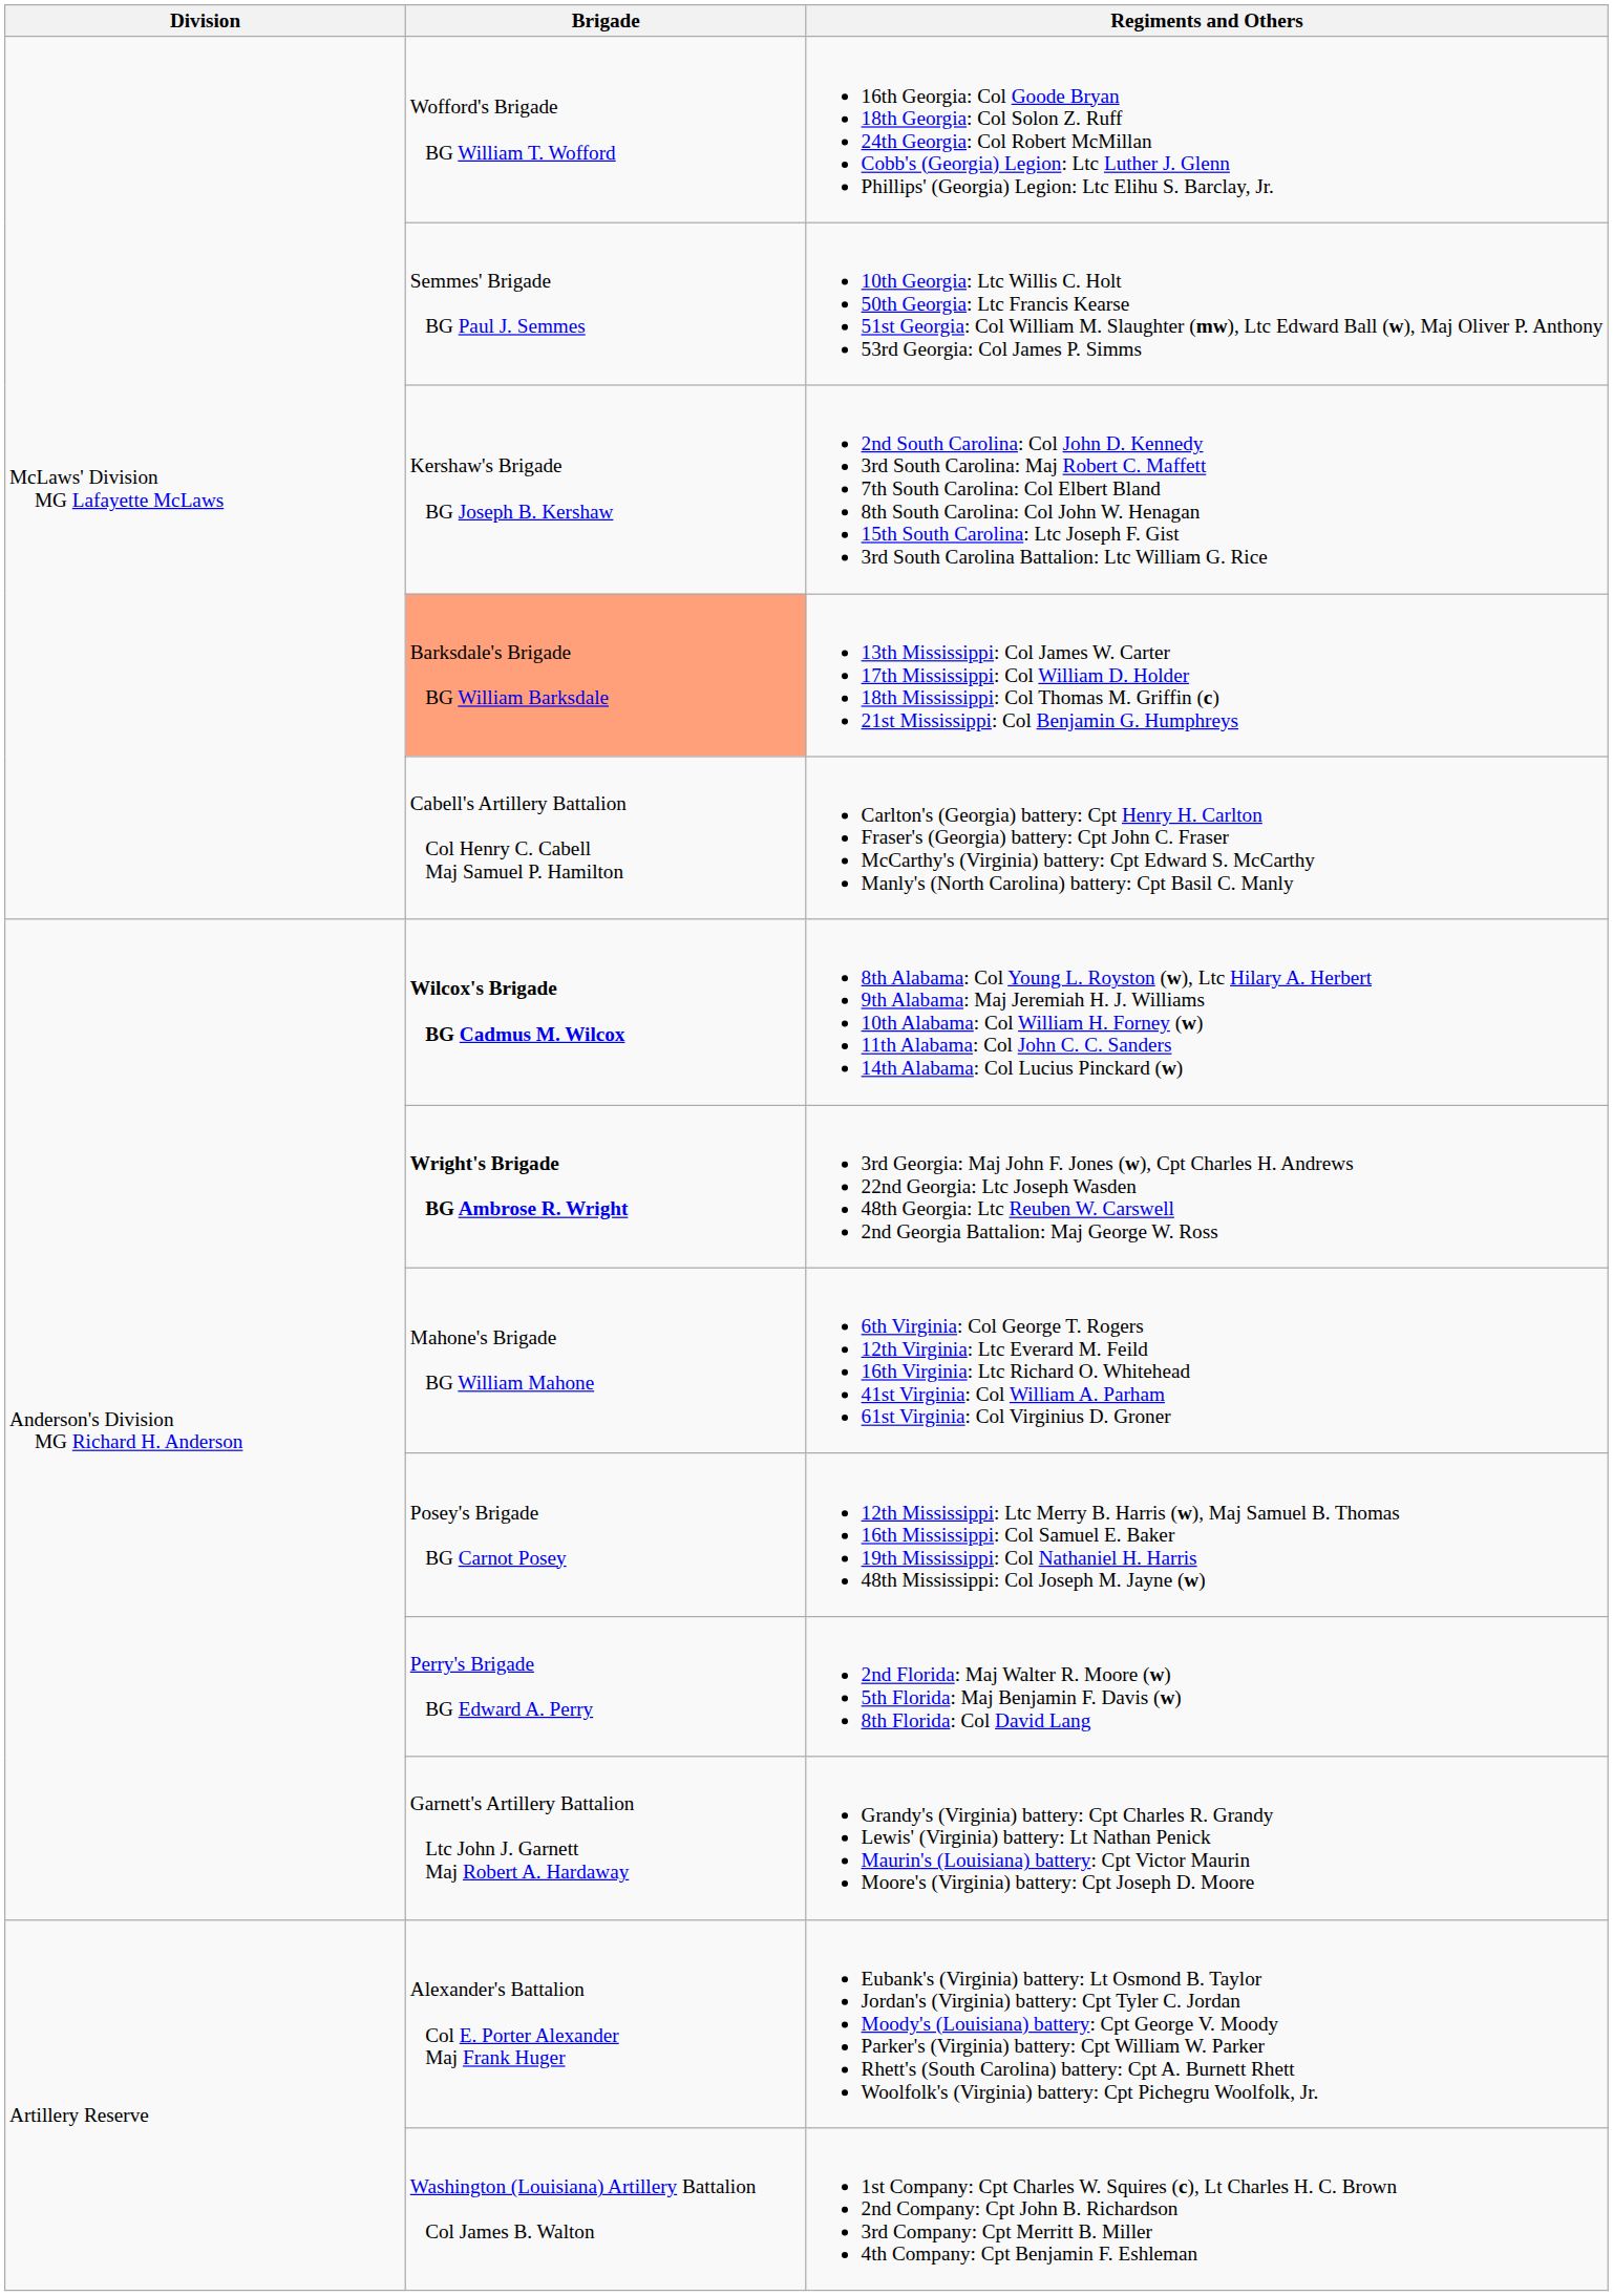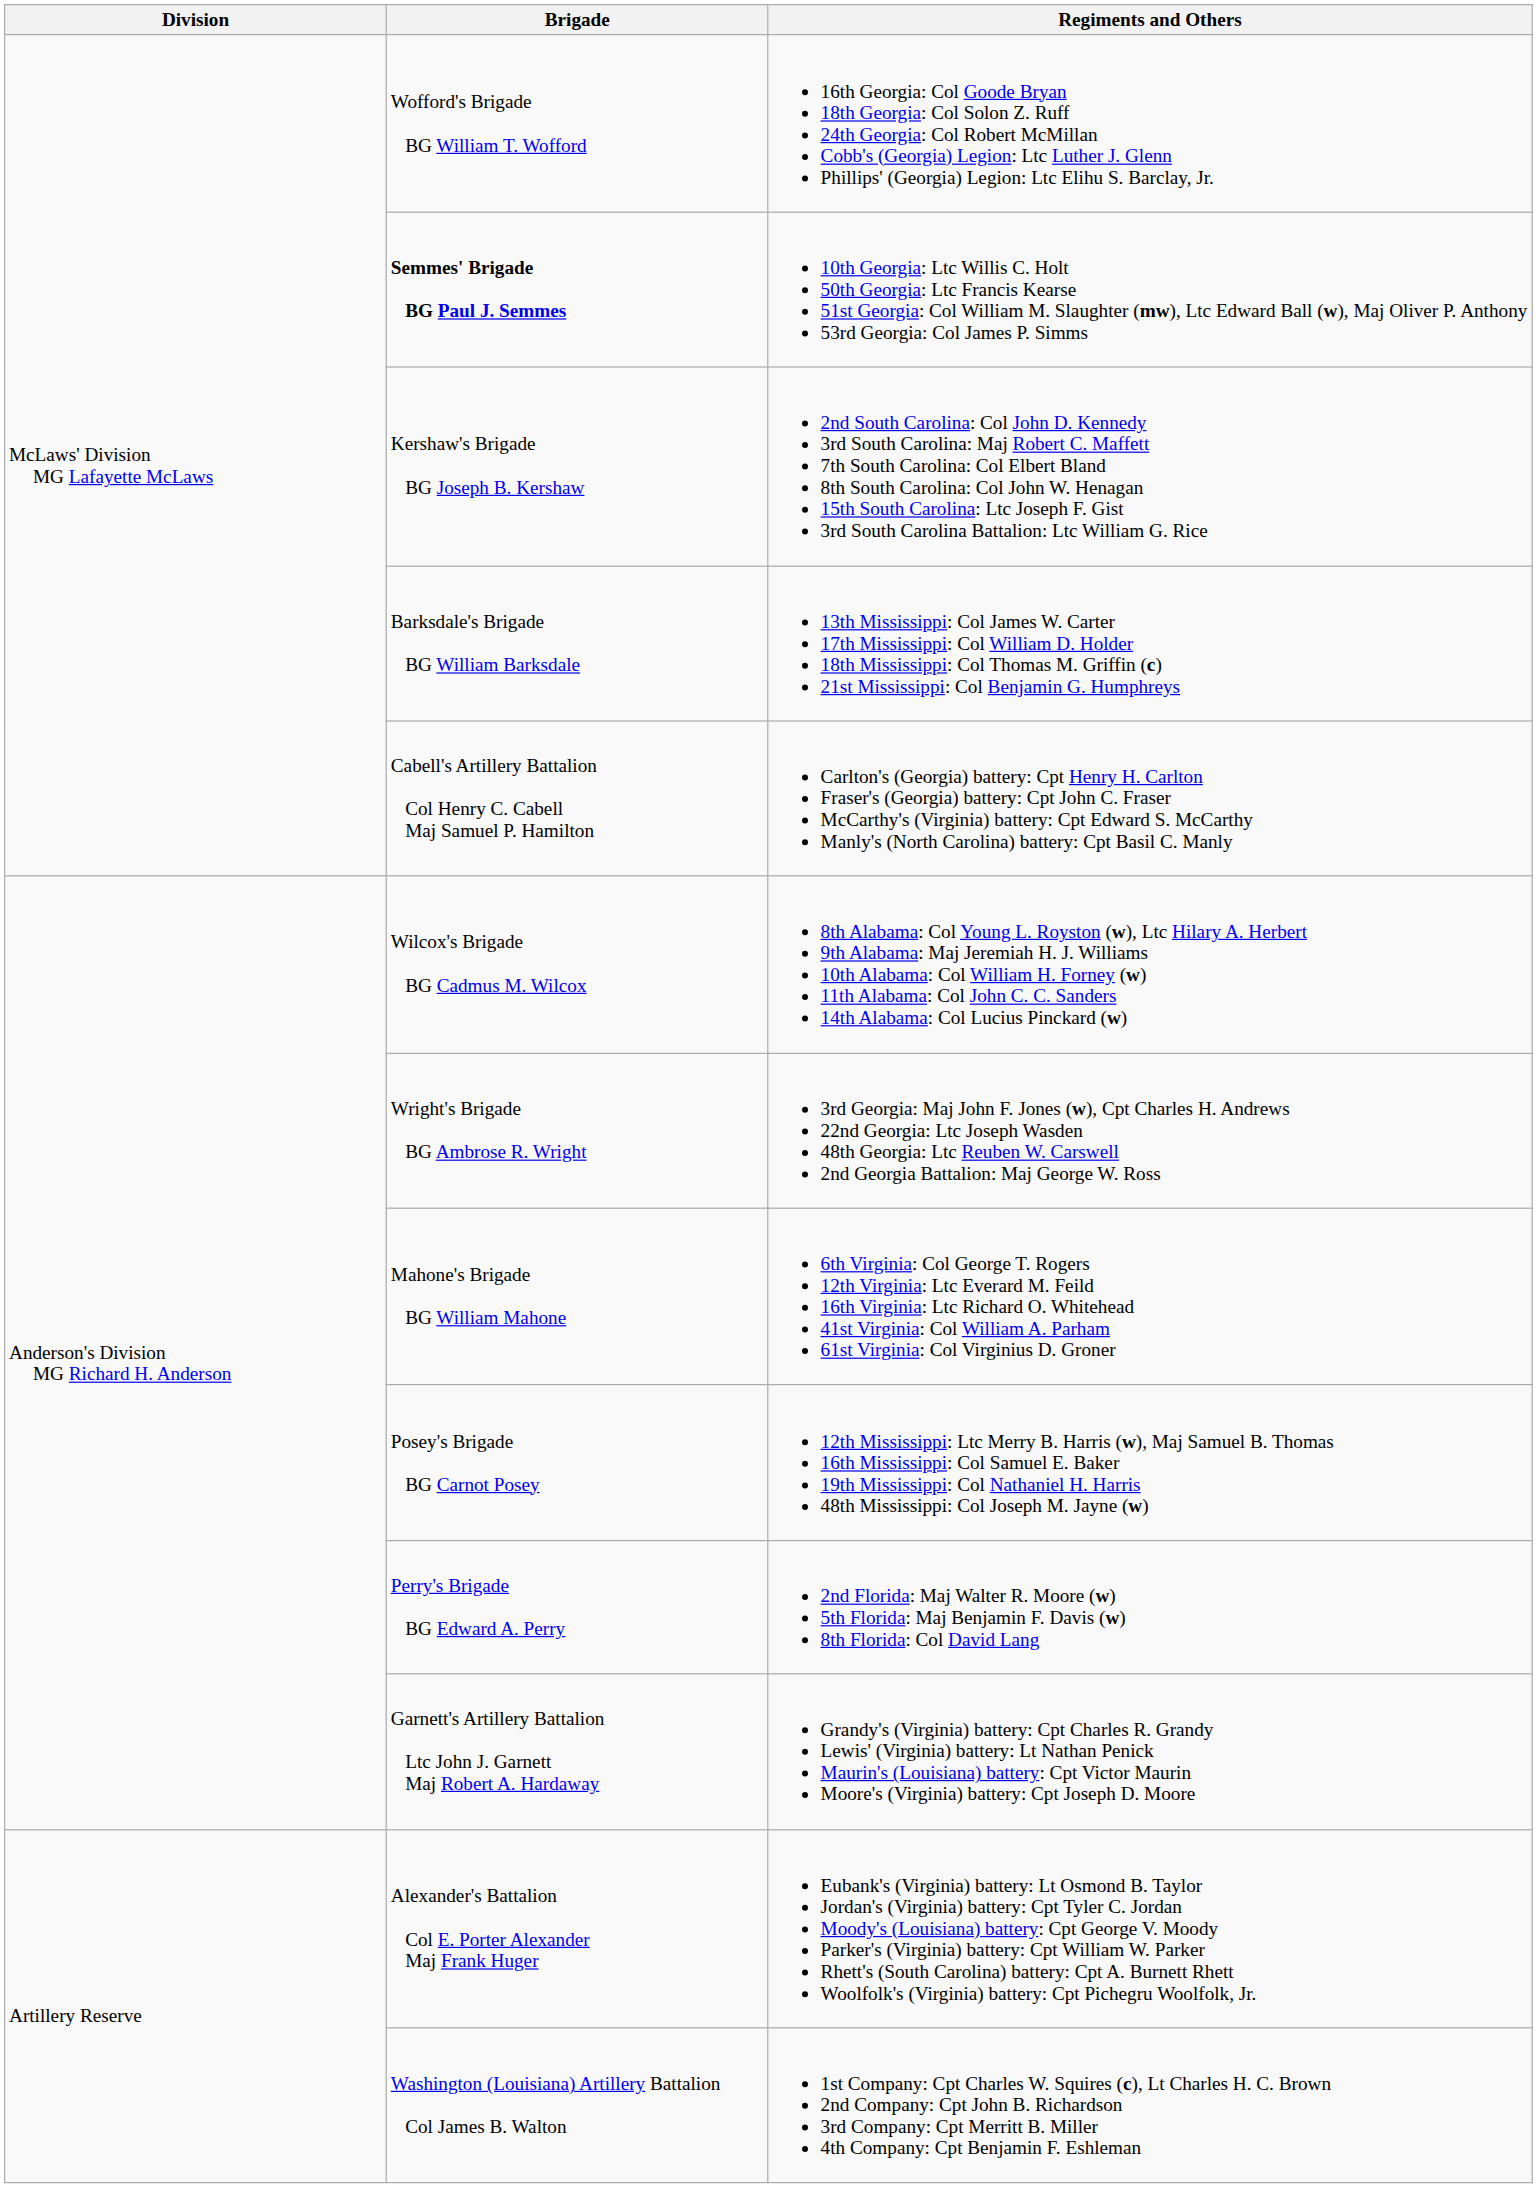 <table class="wikitable">
 <tr>
 <th width=25%>Division</th>
 <th width=25%>Brigade</th>
 <th>Regiments and Others</th>
 </tr>
 <tr>
 <td rowspan=5><br>McLaws' Division <br>     MG <a href='#'>Lafayette McLaws</a></td>
 <td>Wofford's Brigade<br><br>   BG <a href='#'>William T. Wofford</a></td>
 <td><br><ul><li>16th Georgia: Col <a href='#'>Goode Bryan</a></li><li><a href='#'>18th Georgia</a>: Col Solon Z. Ruff</li><li><a href='#'>24th Georgia</a>: Col Robert McMillan</li><li><a href='#'>Cobb's (Georgia) Legion</a>: Ltc <a href='#'>Luther J. Glenn</a></li><li>Phillips' (Georgia) Legion: Ltc Elihu S. Barclay, Jr.</li></ul></td>
 </tr>
 <tr>
-<td>Semmes' Brigade<br><br>   BG <a href='#'>Paul J. Semmes</a></td>
+<td><strong>Semmes' Brigade<br><br>   BG <a href='#'>Paul J. Semmes</a></strong></td>
 <td><br><ul><li><a href='#'>10th Georgia</a>: Ltc Willis C. Holt</li><li><a href='#'>50th Georgia</a>: Ltc Francis Kearse</li><li><a href='#'>51st Georgia</a>: Col William M. Slaughter (<strong>mw</strong>), Ltc Edward Ball (<strong>w</strong>), Maj Oliver P. Anthony</li><li>53rd Georgia: Col James P. Simms</li></ul></td>
 </tr>
 <tr>
 <td>Kershaw's Brigade<br><br>   BG <a href='#'>Joseph B. Kershaw</a></td>
 <td><br><ul><li><a href='#'>2nd South Carolina</a>: Col <a href='#'>John D. Kennedy</a></li><li>3rd South Carolina: Maj <a href='#'>Robert C. Maffett</a></li><li>7th South Carolina: Col Elbert Bland</li><li>8th South Carolina: Col John W. Henagan</li><li><a href='#'>15th South Carolina</a>: Ltc Joseph F. Gist</li><li>3rd South Carolina Battalion: Ltc William G. Rice</li></ul></td>
 </tr>
 <tr>
-<td style="background: lightsalmon;">Barksdale's Brigade<br><br>   BG <a href='#'>William Barksdale</a></td>
+<td>Barksdale's Brigade<br><br>   BG <a href='#'>William Barksdale</a></td>
 <td><br><ul><li><a href='#'>13th Mississippi</a>: Col James W. Carter</li><li><a href='#'>17th Mississippi</a>: Col <a href='#'>William D. Holder</a></li><li><a href='#'>18th Mississippi</a>: Col Thomas M. Griffin (<strong>c</strong>)</li><li><a href='#'>21st Mississippi</a>: Col <a href='#'>Benjamin G. Humphreys</a></li></ul></td>
 </tr>
 <tr>
 <td>Cabell's Artillery Battalion<br><br>   Col Henry C. Cabell <br>   Maj Samuel P. Hamilton</td>
 <td><br><ul><li>Carlton's (Georgia) battery: Cpt <a href='#'>Henry H. Carlton</a></li><li>Fraser's (Georgia) battery: Cpt John C. Fraser</li><li>McCarthy's (Virginia) battery: Cpt Edward S. McCarthy</li><li>Manly's (North Carolina) battery: Cpt Basil C. Manly</li></ul></td>
 </tr>
 <tr>
 <td rowspan=6><br>Anderson's Division <br>     MG <a href='#'>Richard H. Anderson</a></td>
-<td><strong>Wilcox's Brigade<br><br>   BG <a href='#'>Cadmus M. Wilcox</a></strong></td>
+<td>Wilcox's Brigade<br><br>   BG <a href='#'>Cadmus M. Wilcox</a></td>
 <td><br><ul><li><a href='#'>8th Alabama</a>: Col <a href='#'>Young L. Royston</a> (<strong>w</strong>), Ltc <a href='#'>Hilary A. Herbert</a></li><li><a href='#'>9th Alabama</a>: Maj Jeremiah H. J. Williams</li><li><a href='#'>10th Alabama</a>: Col <a href='#'>William H. Forney</a> (<strong>w</strong>)</li><li><a href='#'>11th Alabama</a>: Col <a href='#'>John C. C. Sanders</a></li><li><a href='#'>14th Alabama</a>: Col Lucius Pinckard (<strong>w</strong>)</li></ul></td>
 </tr>
 <tr>
-<td><strong>Wright's Brigade<br><br>   BG <a href='#'>Ambrose R. Wright</a></strong></td>
+<td>Wright's Brigade<br><br>   BG <a href='#'>Ambrose R. Wright</a></td>
 <td><br><ul><li>3rd Georgia: Maj John F. Jones (<strong>w</strong>), Cpt Charles H. Andrews</li><li>22nd Georgia: Ltc Joseph Wasden</li><li>48th Georgia: Ltc <a href='#'>Reuben W. Carswell</a></li><li>2nd Georgia Battalion: Maj George W. Ross</li></ul></td>
 </tr>
 <tr>
 <td>Mahone's Brigade<br><br>   BG <a href='#'>William Mahone</a></td>
 <td><br><ul><li><a href='#'>6th Virginia</a>: Col George T. Rogers</li><li><a href='#'>12th Virginia</a>: Ltc Everard M. Feild</li><li><a href='#'>16th Virginia</a>: Ltc Richard O. Whitehead</li><li><a href='#'>41st Virginia</a>: Col <a href='#'>William A. Parham</a></li><li><a href='#'>61st Virginia</a>: Col Virginius D. Groner</li></ul></td>
 </tr>
 <tr>
 <td>Posey's Brigade<br><br>   BG <a href='#'>Carnot Posey</a></td>
 <td><br><ul><li><a href='#'>12th Mississippi</a>: Ltc Merry B. Harris (<strong>w</strong>), Maj Samuel B. Thomas</li><li><a href='#'>16th Mississippi</a>: Col Samuel E. Baker</li><li><a href='#'>19th Mississippi</a>: Col <a href='#'>Nathaniel H. Harris</a></li><li>48th Mississippi: Col Joseph M. Jayne (<strong>w</strong>)</li></ul></td>
 </tr>
 <tr>
 <td><a href='#'>Perry's Brigade</a><br><br>   BG <a href='#'>Edward A. Perry</a></td>
 <td><br><ul><li><a href='#'>2nd Florida</a>: Maj Walter R. Moore (<strong>w</strong>)</li><li><a href='#'>5th Florida</a>: Maj Benjamin F. Davis (<strong>w</strong>)</li><li><a href='#'>8th Florida</a>: Col <a href='#'>David Lang</a></li></ul></td>
 </tr>
 <tr>
 <td>Garnett's Artillery Battalion<br><br>   Ltc John J. Garnett <br>   Maj <a href='#'>Robert A. Hardaway</a></td>
 <td><br><ul><li>Grandy's (Virginia) battery: Cpt Charles R. Grandy</li><li>Lewis' (Virginia) battery: Lt Nathan Penick</li><li><a href='#'>Maurin's (Louisiana) battery</a>: Cpt Victor Maurin</li><li>Moore's (Virginia) battery: Cpt Joseph D. Moore</li></ul></td>
 </tr>
 <tr>
 <td rowspan=2><br>Artillery Reserve</td>
 <td>Alexander's Battalion<br><br>   Col <a href='#'>E. Porter Alexander</a> <br>   Maj <a href='#'>Frank Huger</a></td>
 <td><br><ul><li>Eubank's (Virginia) battery: Lt Osmond B. Taylor</li><li>Jordan's (Virginia) battery: Cpt Tyler C. Jordan</li><li><a href='#'>Moody's (Louisiana) battery</a>: Cpt George V. Moody</li><li>Parker's (Virginia) battery: Cpt William W. Parker</li><li>Rhett's (South Carolina) battery: Cpt A. Burnett Rhett</li><li>Woolfolk's (Virginia) battery: Cpt Pichegru Woolfolk, Jr.</li></ul></td>
 </tr>
 <tr>
 <td><a href='#'>Washington (Louisiana) Artillery</a> Battalion<br><br>   Col James B. Walton</td>
 <td><br><ul><li>1st Company: Cpt Charles W. Squires (<strong>c</strong>), Lt Charles H. C. Brown</li><li>2nd Company: Cpt John B. Richardson</li><li>3rd Company: Cpt Merritt B. Miller</li><li>4th Company: Cpt Benjamin F. Eshleman</li></ul></td>
 </tr>
 </table>
